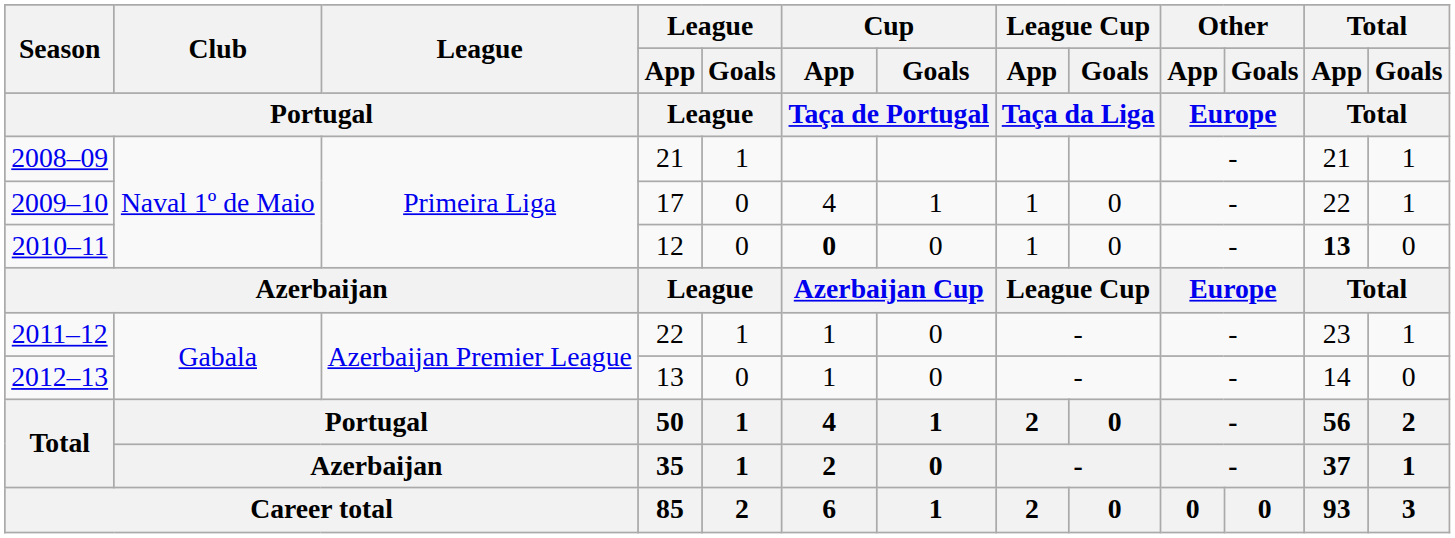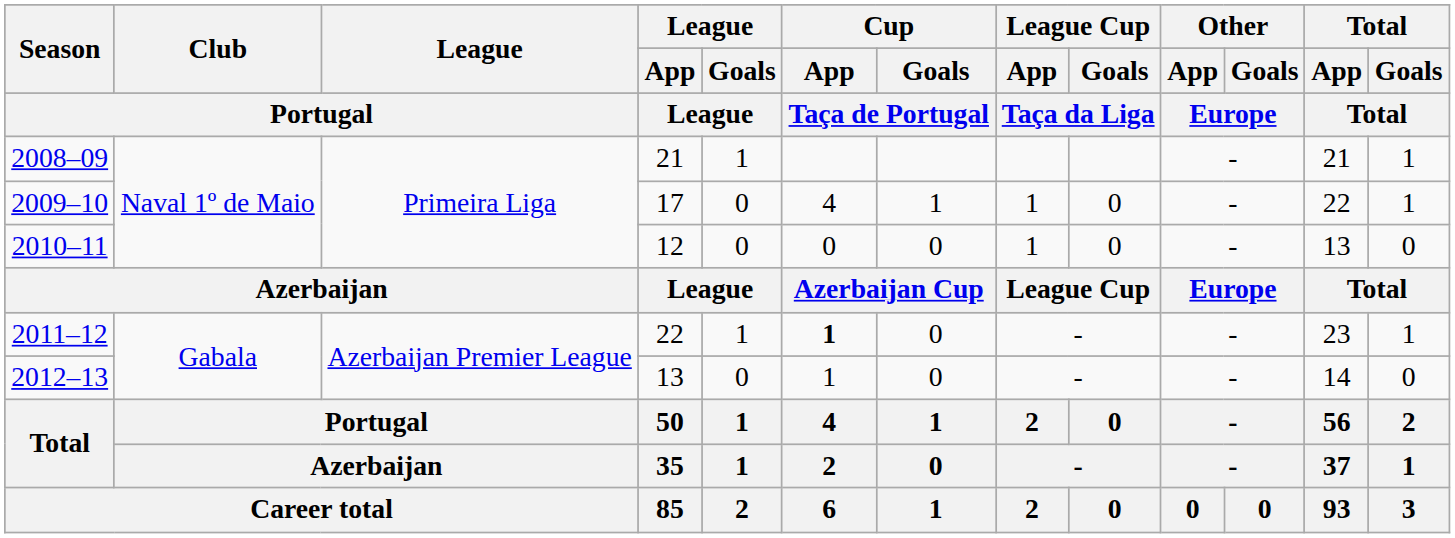 <table class="wikitable">
 <tr>
 <th rowspan=2>Season</th>
 <th ! rowspan=2>Club</th>
 <th ! rowspan=2>League</th>
 <th ! colspan=2>League</th>
 <th ! colspan=2>Cup</th>
 <th ! colspan=2>League Cup</th>
 <th ! colspan=2>Other</th>
 <th colspan=3>Total</th>
 </tr>
 <tr>
 <th>App</th>
 <th>Goals</th>
 <th>App</th>
 <th>Goals</th>
 <th>App</th>
 <th>Goals</th>
 <th>App</th>
 <th>Goals</th>
 <th>App</th>
 <th>Goals</th>
 </tr>
 <tr>
 <th colspan=3>Portugal</th>
 <th ! colspan=2>League</th>
 <th ! colspan=2><a href='#'>Taça de Portugal</a></th>
 <th ! colspan=2><a href='#'>Taça da Liga</a></th>
 <th ! colspan=2><a href='#'>Europe</a></th>
 <th colspan=3>Total</th>
 </tr>
 <tr align=center>
 <td><a href='#'>2008–09</a></td>
 <td rowspan="3"><a href='#'>Naval 1º de Maio</a></td>
 <td rowspan="3"><a href='#'>Primeira Liga</a></td>
 <td>21</td>
 <td>1</td>
 <td></td>
 <td></td>
 <td></td>
 <td></td>
 <td colspan="2">-</td>
 <td>21</td>
 <td>1</td>
 </tr>
 <tr align=center>
 <td><a href='#'>2009–10</a></td>
 <td>17</td>
 <td>0</td>
 <td>4</td>
 <td>1</td>
 <td>1</td>
 <td>0</td>
 <td colspan="2">-</td>
 <td>22</td>
 <td>1</td>
 </tr>
 <tr align=center>
 <td><a href='#'>2010–11</a></td>
 <td>12</td>
 <td>0</td>
-<td><strong>0</strong></td>
+<td>0</td>
 <td>0</td>
 <td>1</td>
 <td>0</td>
 <td colspan="2">-</td>
-<td><strong>13</strong></td>
+<td>13</td>
 <td>0</td>
 </tr>
 <tr>
 <th colspan=3>Azerbaijan</th>
 <th ! colspan=2>League</th>
 <th ! colspan=2><a href='#'>Azerbaijan Cup</a></th>
 <th ! colspan=2>League Cup</th>
 <th ! colspan=2><a href='#'>Europe</a></th>
 <th colspan=3>Total</th>
 </tr>
 <tr align=center>
 <td><a href='#'>2011–12</a></td>
 <td rowspan="2"><a href='#'>Gabala</a></td>
 <td rowspan="2"><a href='#'>Azerbaijan Premier League</a></td>
 <td>22</td>
 <td>1</td>
-<td>1</td>
+<td><strong>1</strong></td>
 <td>0</td>
 <td colspan="2">-</td>
 <td colspan="2">-</td>
 <td>23</td>
 <td>1</td>
 </tr>
 <tr align=center>
 <td><a href='#'>2012–13</a></td>
 <td>13</td>
 <td>0</td>
 <td>1</td>
 <td>0</td>
 <td colspan="2">-</td>
 <td colspan="2">-</td>
 <td>14</td>
 <td>0</td>
 </tr>
 <tr>
 <th rowspan=2>Total</th>
 <th colspan=2>Portugal</th>
 <th>50</th>
 <th>1</th>
 <th>4</th>
 <th>1</th>
 <th>2</th>
 <th>0</th>
 <th colspan="2">-</th>
 <th>56</th>
 <th>2</th>
 </tr>
 <tr>
 <th colspan=2>Azerbaijan</th>
 <th>35</th>
 <th>1</th>
 <th>2</th>
 <th>0</th>
 <th colspan="2">-</th>
 <th colspan="2">-</th>
 <th>37</th>
 <th>1</th>
 </tr>
 <tr>
 <th colspan=3>Career total</th>
 <th>85</th>
 <th>2</th>
 <th>6</th>
 <th>1</th>
 <th>2</th>
 <th>0</th>
 <th>0</th>
 <th>0</th>
 <th>93</th>
 <th>3</th>
 </tr>
 </table>
